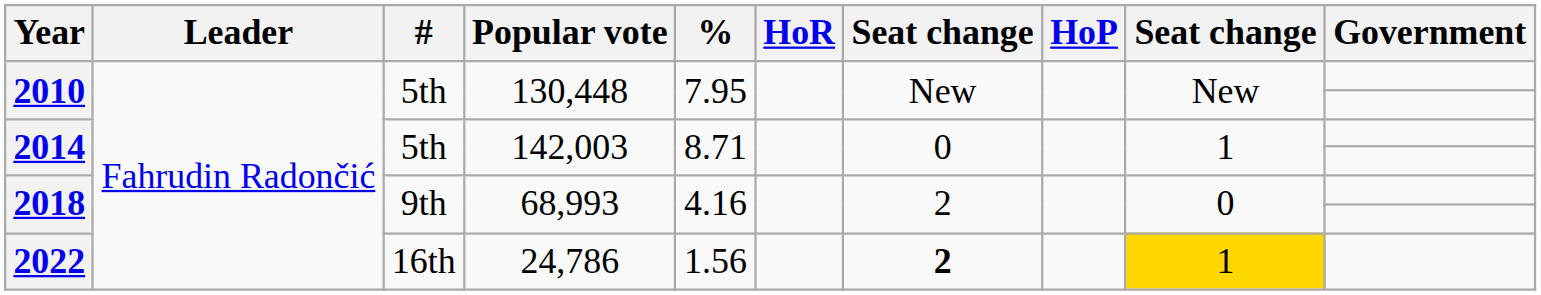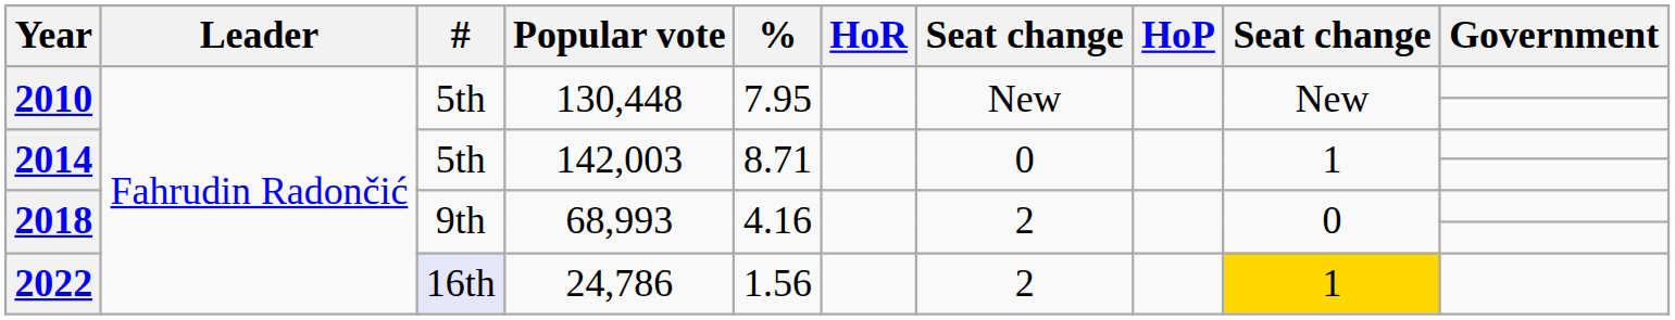 <table class="wikitable" style="text-align:center">
 <tr>
 <th>Year</th>
 <th>Leader</th>
 <th>#</th>
 <th>Popular vote</th>
 <th>%</th>
 <th><a href='#'>HoR</a></th>
 <th>Seat change</th>
 <th><a href='#'>HoP</a></th>
 <th>Seat change</th>
 <th>Government</th>
 </tr>
 <tr>
 <th rowspan=2><a href='#'>2010</a></th>
 <td rowspan=7><a href='#'>Fahrudin Radončić</a></td>
 <td rowspan=2>5th</td>
 <td rowspan=2>130,448</td>
 <td rowspan=2>7.95</td>
 <td rowspan=2></td>
 <td rowspan=2>New</td>
 <td rowspan=2></td>
 <td rowspan=2>New</td>
 <td></td>
 </tr>
 <tr>
 <td></td>
 </tr>
 <tr>
 <th rowspan=2><a href='#'>2014</a></th>
 <td rowspan=2>5th</td>
 <td rowspan=2>142,003</td>
 <td rowspan=2>8.71</td>
 <td rowspan=2></td>
 <td rowspan=2> 0</td>
 <td rowspan=2></td>
 <td rowspan=2> 1</td>
 <td></td>
 </tr>
 <tr>
 <td></td>
 </tr>
 <tr>
 <th rowspan=2><a href='#'>2018</a></th>
 <td rowspan=2>9th</td>
 <td rowspan=2>68,993</td>
 <td rowspan=2>4.16</td>
 <td rowspan=2></td>
 <td rowspan=2> 2</td>
 <td rowspan=2></td>
 <td rowspan=2> 0</td>
 <td></td>
 </tr>
 <tr>
 <td></td>
 </tr>
 <tr>
 <th><a href='#'>2022</a></th>
-<td>16th</td>
+<td style="background: lavender;">16th</td>
 <td align=center>24,786</td>
 <td>1.56</td>
 <td></td>
-<td><strong> 2</strong></td>
+<td> 2</td>
 <td></td>
 <td style="background: gold;"> 1</td>
 <td></td>
 </tr>
 </table>
